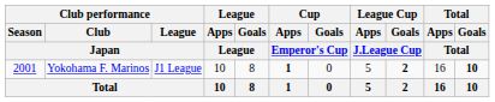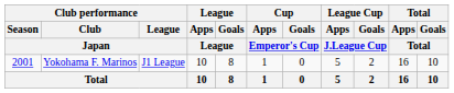 <table class="wikitable" style="text-align:center;">
 <tr>
 <th colspan=3>Club performance</th>
 <th colspan=2>League</th>
 <th colspan=2>Cup</th>
 <th colspan=2>League Cup</th>
 <th colspan=2>Total</th>
 </tr>
 <tr>
 <th>Season</th>
 <th>Club</th>
 <th>League</th>
 <th>Apps</th>
 <th>Goals</th>
 <th>Apps</th>
 <th>Goals</th>
 <th>Apps</th>
 <th>Goals</th>
 <th>Apps</th>
 <th>Goals</th>
 </tr>
 <tr>
 <th colspan=3>Japan</th>
 <th colspan=2>League</th>
 <th colspan=2><a href='#'>Emperor's Cup</a></th>
 <th colspan=2><a href='#'>J.League Cup</a></th>
 <th colspan=2>Total</th>
 </tr>
 <tr>
 <td><a href='#'>2001</a></td>
 <td><a href='#'>Yokohama F. Marinos</a></td>
 <td><a href='#'>J1 League</a></td>
 <td>10</td>
 <td>8</td>
-<td><strong>1</strong></td>
+<td>1</td>
 <td>0</td>
 <td>5</td>
-<td><strong>2</strong></td>
+<td>2</td>
 <td>16</td>
-<td><strong>10</strong></td>
+<td>10</td>
 </tr>
 <tr>
 <th colspan=3>Total</th>
 <th>10</th>
 <th>8</th>
 <th>1</th>
 <th>0</th>
 <th>5</th>
 <th>2</th>
 <th>16</th>
 <th>10</th>
 </tr>
 </table>
